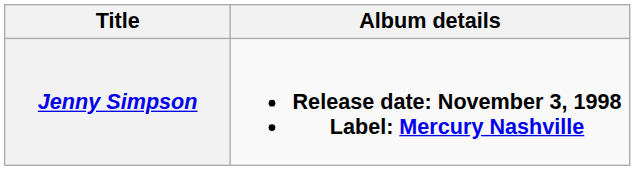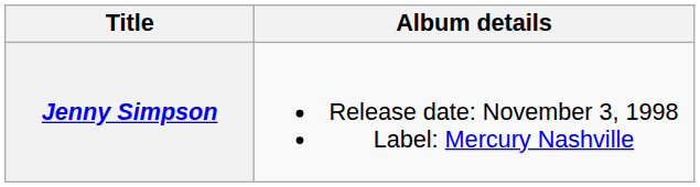 <table class="wikitable plainrowheaders" style="text-align:center;">
 <tr>
 <th style="width:10em;">Title</th>
 <th style="width:18em;">Album details</th>
 </tr>
 <tr>
 <th scope="row"><em><a href='#'>Jenny Simpson</a></em></th>
-<td><strong><br><ul><li>Release date: November 3, 1998</li><li>Label: <a href='#'>Mercury Nashville</a></li></ul></strong></td>
+<td><br><ul><li>Release date: November 3, 1998</li><li>Label: <a href='#'>Mercury Nashville</a></li></ul></td>
 </tr>
 </table>
